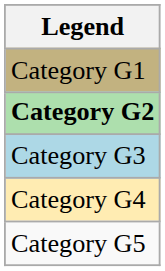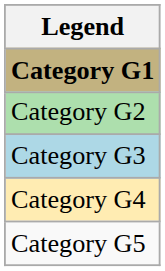 <table class="wikitable" style="font-size:90%;">
 <tr>
 <th>Legend</th>
 </tr>
 <tr bgcolor=#C2B280>
-<td>Category G1</td>
+<td><strong>Category G1</strong></td>
 </tr>
 <tr bgcolor="#ADDFAD">
-<td><strong>Category G2</strong></td>
+<td>Category G2</td>
 </tr>
 <tr bgcolor="lightblue">
 <td>Category G3</td>
 </tr>
 <tr bgcolor=#ffecb2>
 <td>Category G4</td>
 </tr>
 <tr>
 <td>Category G5</td>
 </tr>
 </table>
